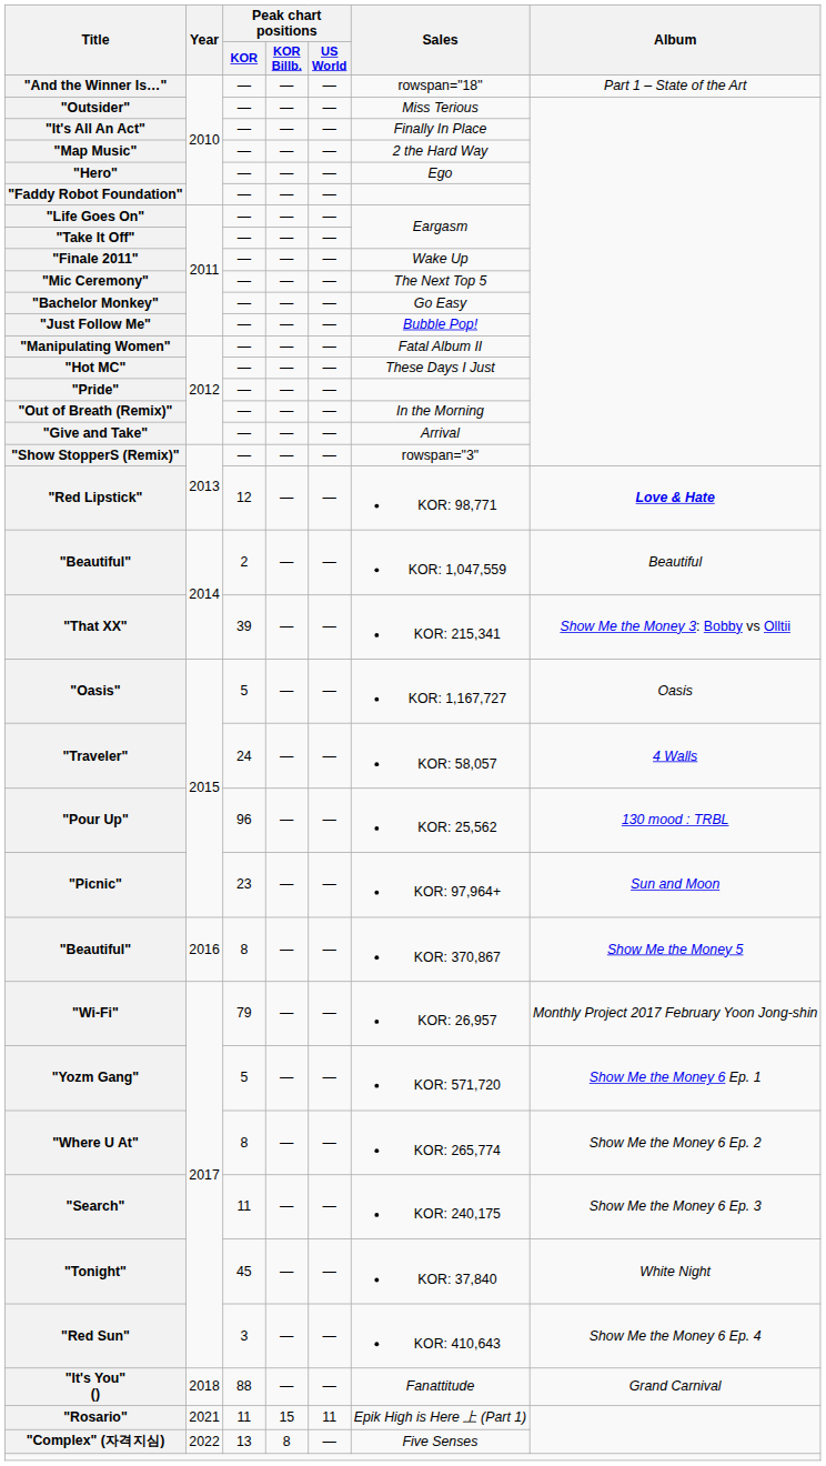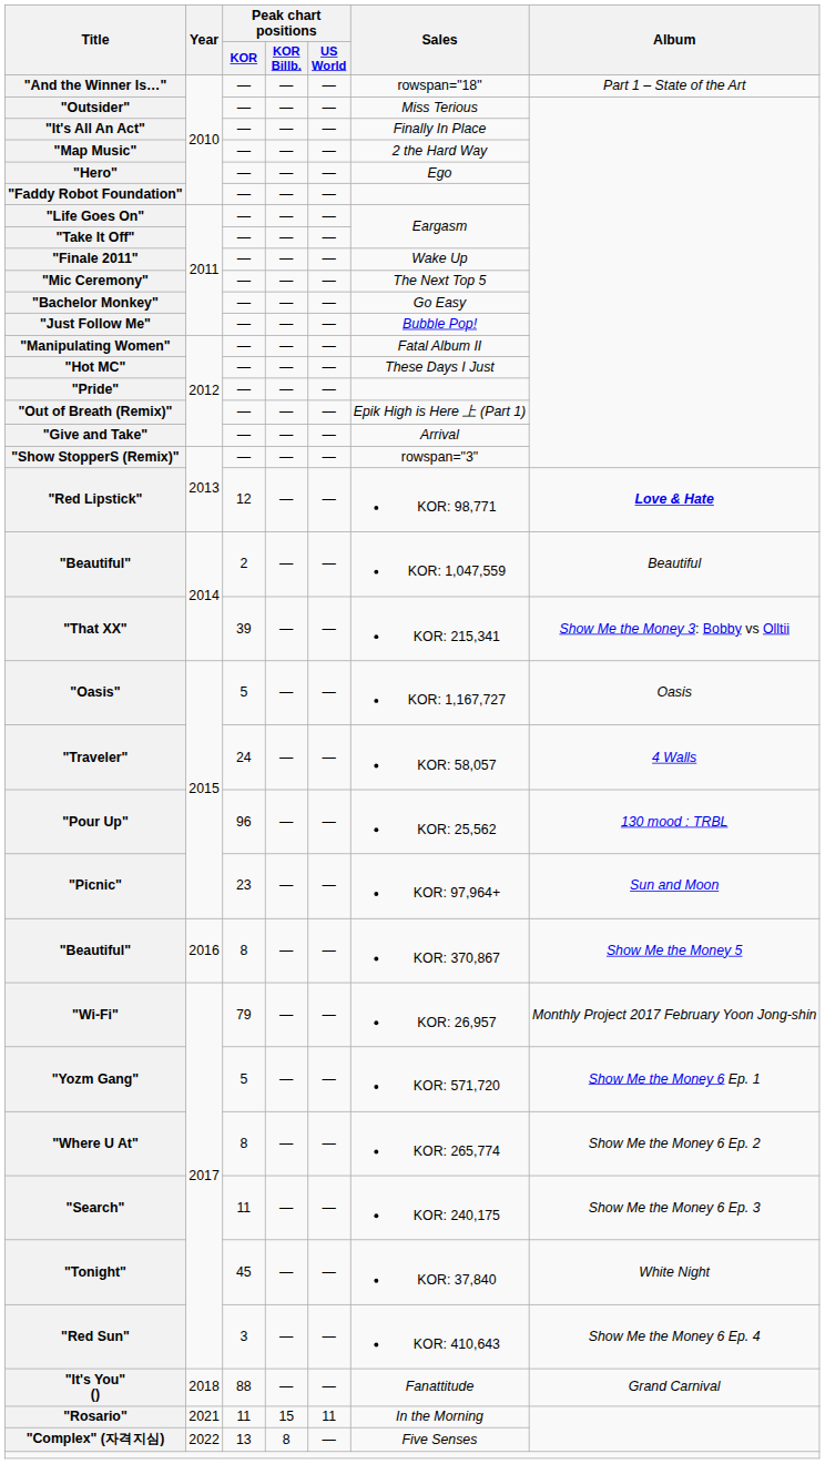 <table class="wikitable plainrowheaders" style="text-align:center;">
 <tr>
 <th scope="col" rowspan="2">Title</th>
 <th scope="col" rowspan="2">Year</th>
 <th scope="col" colspan="3">Peak chart positions</th>
 <th scope="col" rowspan="2">Sales</th>
 <th scope="col" rowspan="2">Album</th>
 </tr>
 <tr>
 <th scope="col" style="width:3em;font-size:90%;"><a href='#'>KOR</a><br></th>
 <th scope="col" style="width:3em;font-size:90%;"><a href='#'>KOR<br>Billb.</a><br></th>
 <th scope="col" style="width:3em;font-size:90%;"><a href='#'>US<br>World</a><br></th>
 </tr>
 <tr>
 <th scope="row">"And the Winner Is…"<br></th>
 <td rowspan="6">2010</td>
 <td>—</td>
 <td>—</td>
 <td>—</td>
 <td>rowspan="18" </td>
 <td><em>Part 1 – State of the Art</em></td>
 </tr>
 <tr>
 <th scope="row">"Outsider"<br></th>
 <td>—</td>
 <td>—</td>
 <td>—</td>
 <td><em>Miss Terious</em></td>
 </tr>
 <tr>
 <th scope="row">"It's All An Act"<br></th>
 <td>—</td>
 <td>—</td>
 <td>—</td>
 <td><em>Finally In Place</em></td>
 </tr>
 <tr>
 <th scope="row">"Map Music"<br></th>
 <td>—</td>
 <td>—</td>
 <td>—</td>
 <td><em>2 the Hard Way</em></td>
 </tr>
 <tr>
 <th scope="row">"Hero"<br></th>
 <td>—</td>
 <td>—</td>
 <td>—</td>
 <td><em>Ego</em></td>
 </tr>
 <tr>
 <th scope="row">"Faddy Robot Foundation"<br></th>
 <td>—</td>
 <td>—</td>
 <td>—</td>
 <td></td>
 </tr>
 <tr>
 <th scope="row">"Life Goes On"<br></th>
 <td rowspan="6">2011</td>
 <td>—</td>
 <td>—</td>
 <td>—</td>
 <td rowspan="2"><em>Eargasm</em></td>
 </tr>
 <tr>
 <th scope="row">"Take It Off"<br></th>
 <td>—</td>
 <td>—</td>
 <td>—</td>
 </tr>
 <tr>
 <th scope="row">"Finale 2011"<br></th>
 <td>—</td>
 <td>—</td>
 <td>—</td>
 <td><em>Wake Up</em></td>
 </tr>
 <tr>
 <th scope="row">"Mic Ceremony"<br></th>
 <td>—</td>
 <td>—</td>
 <td>—</td>
 <td><em>The Next Top 5</em></td>
 </tr>
 <tr>
 <th scope="row">"Bachelor Monkey"<br></th>
 <td>—</td>
 <td>—</td>
 <td>—</td>
 <td><em>Go Easy</em></td>
 </tr>
 <tr>
 <th scope="row">"Just Follow Me"<br></th>
 <td>—</td>
 <td>—</td>
 <td>—</td>
 <td><em><a href='#'>Bubble Pop!</a></em></td>
 </tr>
 <tr>
 <th scope="row">"Manipulating Women"<br></th>
 <td rowspan="5">2012</td>
 <td>—</td>
 <td>—</td>
 <td>—</td>
 <td><em>Fatal Album II</em></td>
 </tr>
 <tr>
 <th scope="row">"Hot MC"<br></th>
 <td>—</td>
 <td>—</td>
 <td>—</td>
 <td><em>These Days I Just</em></td>
 </tr>
 <tr>
 <th scope="row">"Pride"<br> </th>
 <td>—</td>
 <td>—</td>
 <td>—</td>
 <td></td>
 </tr>
 <tr>
 <th scope="row">"Out of Breath (Remix)"<br></th>
 <td>—</td>
 <td>—</td>
 <td>—</td>
-<td><em>In the Morning</em></td>
+<td><em>Epik High is Here 上 (Part 1)</em></td>
 </tr>
 <tr>
 <th scope="row">"Give and Take"<br></th>
 <td>—</td>
 <td>—</td>
 <td>—</td>
 <td><em>Arrival</em></td>
 </tr>
 <tr>
 <th scope="row">"Show StopperS (Remix)"<br></th>
 <td rowspan="2">2013</td>
 <td>—</td>
 <td>—</td>
 <td>—</td>
 <td>rowspan="3" </td>
 </tr>
 <tr>
 <th scope="row">"Red Lipstick"<br></th>
 <td>12</td>
 <td>—</td>
 <td>—</td>
 <td><br><ul><li>KOR: 98,771</li></ul></td>
 <td><strong><em><a href='#'>Love & Hate</a></em></strong></td>
 </tr>
 <tr>
 <th scope="row">"Beautiful"<br></th>
 <td rowspan="2">2014</td>
 <td>2</td>
 <td>—</td>
 <td>—</td>
 <td><br><ul><li>KOR: 1,047,559</li></ul></td>
 <td><em>Beautiful</em></td>
 </tr>
 <tr>
 <th scope="row">"That XX"<br></th>
 <td>39</td>
 <td>—</td>
 <td>—</td>
 <td><br><ul><li>KOR: 215,341</li></ul></td>
 <td><em><a href='#'>Show Me the Money 3</a></em>: <a href='#'>Bobby</a> vs <a href='#'>Olltii</a></td>
 </tr>
 <tr>
 <th scope="row">"Oasis"<br></th>
 <td rowspan="4">2015</td>
 <td>5</td>
 <td>—</td>
 <td>—</td>
 <td><br><ul><li>KOR: 1,167,727</li></ul></td>
 <td><em>Oasis</em></td>
 </tr>
 <tr>
 <th scope="row">"Traveler"<br></th>
 <td>24</td>
 <td>—</td>
 <td>—</td>
 <td><br><ul><li>KOR: 58,057</li></ul></td>
 <td><em><a href='#'>4 Walls</a></em></td>
 </tr>
 <tr>
 <th scope="row">"Pour Up"<br></th>
 <td>96</td>
 <td>—</td>
 <td>—</td>
 <td><br><ul><li>KOR: 25,562</li></ul></td>
 <td><em><a href='#'>130 mood : TRBL</a></em></td>
 </tr>
 <tr>
 <th scope="row">"Picnic"<br></th>
 <td>23</td>
 <td>—</td>
 <td>—</td>
 <td><br><ul><li>KOR: 97,964+</li></ul></td>
 <td><em><a href='#'>Sun and Moon</a></em></td>
 </tr>
 <tr>
 <th scope="row">"Beautiful"<br></th>
 <td>2016</td>
 <td>8</td>
 <td>—</td>
 <td>—</td>
 <td><br><ul><li>KOR: 370,867</li></ul></td>
 <td><em><a href='#'>Show Me the Money 5</a></em></td>
 </tr>
 <tr>
 <th scope="row">"Wi-Fi"<br></th>
 <td rowspan="6">2017</td>
 <td>79</td>
 <td>—</td>
 <td>—</td>
 <td><br><ul><li>KOR: 26,957</li></ul></td>
 <td><em>Monthly Project 2017 February Yoon Jong-shin</em></td>
 </tr>
 <tr>
 <th scope="row">"Yozm Gang"<br></th>
 <td>5</td>
 <td>—</td>
 <td>—</td>
 <td><br><ul><li>KOR: 571,720</li></ul></td>
 <td><em><a href='#'>Show Me the Money 6</a> Ep. 1</em></td>
 </tr>
 <tr>
 <th scope="row">"Where U At"<br></th>
 <td>8</td>
 <td>—</td>
 <td>—</td>
 <td><br><ul><li>KOR: 265,774</li></ul></td>
 <td><em>Show Me the Money 6 Ep. 2</em></td>
 </tr>
 <tr>
 <th scope="row">"Search"<br></th>
 <td>11</td>
 <td>—</td>
 <td>—</td>
 <td><br><ul><li>KOR: 240,175</li></ul></td>
 <td><em>Show Me the Money 6 Ep. 3</em></td>
 </tr>
 <tr>
 <th scope="row">"Tonight"<br></th>
 <td>45</td>
 <td>—</td>
 <td>—</td>
 <td><br><ul><li>KOR: 37,840</li></ul></td>
 <td><em>White Night</em></td>
 </tr>
 <tr>
 <th scope="row">"Red Sun"<br></th>
 <td>3</td>
 <td>—</td>
 <td>—</td>
 <td><br><ul><li>KOR: 410,643</li></ul></td>
 <td><em>Show Me the Money 6 Ep. 4</em></td>
 </tr>
 <tr>
 <th scope="row">"It's You" <br>()</th>
 <td>2018</td>
 <td>88</td>
 <td>—</td>
 <td>—</td>
 <td><em>Fanattitude</em></td>
 <td><em>Grand Carnival</em></td>
 </tr>
 <tr>
 <th scope="row">"Rosario" <br></th>
 <td>2021</td>
 <td>11</td>
 <td>15</td>
 <td>11</td>
-<td><em>Epik High is Here 上 (Part 1)</em></td>
+<td><em>In the Morning</em></td>
 </tr>
 <tr>
 <th scope="row">"Complex" (자격지심)<br></th>
 <td>2022</td>
 <td>13</td>
 <td>8</td>
 <td>—</td>
 <td><em>Five Senses</em></td>
 </tr>
 <tr>
 <td colspan="7"></td>
 </tr>
 </table>
